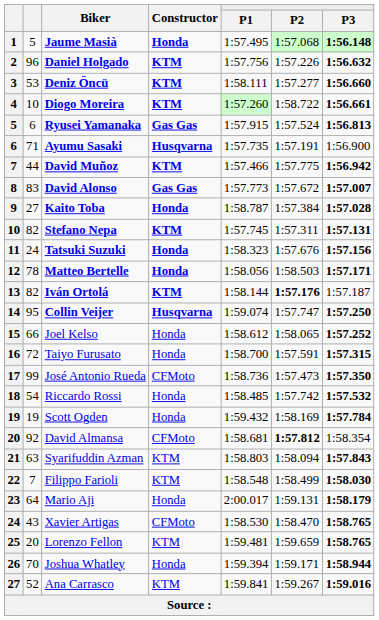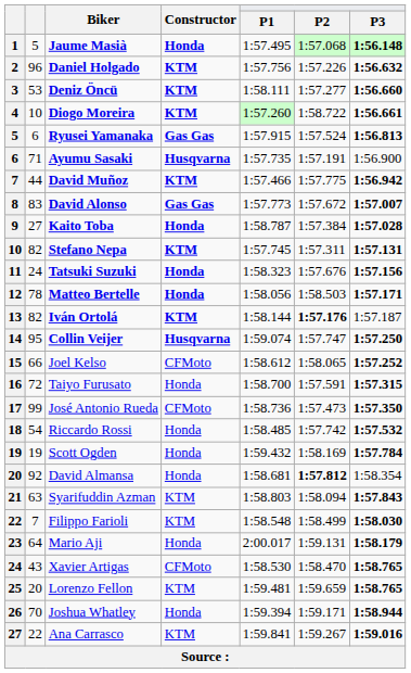 <table class="wikitable sortable" style="font-size: 85%;">
 <tr>
 <th rowspan="2"></th>
 <th rowspan="2"></th>
 <th rowspan="2">Biker</th>
 <th rowspan="2">Constructor</th>
 <th colspan="3" style="background:#eaecf0; text-align:center;"></th>
 </tr>
 <tr>
 <th scope="col">P1</th>
 <th scope="col">P2</th>
 <th scope="col">P3</th>
 </tr>
 <tr>
 <th scope="row">1</th>
 <td align="center">5</td>
 <td> <strong><a href='#'>Jaume Masià</a></strong></td>
 <td><strong><a href='#'>Honda</a></strong></td>
 <td>1:57.495</td>
 <td style="background:#ccffcc;">1:57.068</td>
 <td style="background:#ccffcc;"><strong>1:56.148</strong></td>
 </tr>
 <tr>
 <th scope="row">2</th>
 <td align="center">96</td>
 <td><strong> <a href='#'>Daniel Holgado</a></strong></td>
 <td><strong><a href='#'>KTM</a></strong></td>
 <td>1:57.756</td>
 <td>1:57.226</td>
 <td><strong>1:56.632</strong></td>
 </tr>
 <tr>
 <th scope="row">3</th>
 <td align="center">53</td>
 <td><strong> <a href='#'>Deniz Öncü</a></strong></td>
 <td><strong><a href='#'>KTM</a></strong></td>
 <td>1:58.111</td>
 <td>1:57.277</td>
 <td><strong>1:56.660</strong></td>
 </tr>
 <tr>
 <th scope="row">4</th>
 <td align="center">10</td>
 <td> <strong><a href='#'>Diogo Moreira</a></strong></td>
 <td><strong><a href='#'>KTM</a></strong></td>
 <td style="background:#ccffcc;">1:57.260</td>
 <td>1:58.722</td>
 <td><strong>1:56.661</strong></td>
 </tr>
 <tr>
 <th scope="row">5</th>
 <td align="center">6</td>
 <td><strong> <a href='#'>Ryusei Yamanaka</a></strong></td>
 <td><strong><a href='#'>Gas Gas</a></strong></td>
 <td>1:57.915</td>
 <td>1:57.524</td>
 <td><strong>1:56.813</strong></td>
 </tr>
 <tr>
 <th scope="row">6</th>
 <td align="center">71</td>
 <td> <strong><a href='#'>Ayumu Sasaki</a></strong></td>
 <td><strong><a href='#'>Husqvarna</a></strong></td>
 <td>1:57.735</td>
 <td>1:57.191</td>
 <td>1:56.900</td>
 </tr>
 <tr>
 <th scope="row">7</th>
 <td align="center">44</td>
 <td><strong></strong> <strong><a href='#'>David Muñoz</a></strong></td>
 <td><strong><a href='#'>KTM</a></strong></td>
 <td>1:57.466</td>
 <td>1:57.775</td>
 <td><strong>1:56.942</strong></td>
 </tr>
 <tr>
 <th scope="row">8</th>
 <td align="center">83</td>
 <td><strong> <a href='#'>David Alonso</a></strong></td>
 <td><strong><a href='#'>Gas Gas</a></strong></td>
 <td>1:57.773</td>
 <td>1:57.672</td>
 <td><strong>1:57.007</strong></td>
 </tr>
 <tr>
 <th scope="row">9</th>
 <td align="center">27</td>
 <td><strong> <a href='#'>Kaito Toba</a></strong></td>
 <td><strong><a href='#'>Honda</a></strong></td>
 <td>1:58.787</td>
 <td>1:57.384</td>
 <td><strong>1:57.028</strong></td>
 </tr>
 <tr>
 <th scope="row">10</th>
 <td align="center">82</td>
 <td><strong> <a href='#'>Stefano Nepa</a></strong></td>
 <td><strong><a href='#'>KTM</a></strong></td>
 <td>1:57.745</td>
 <td>1:57.311</td>
 <td><strong>1:57.131</strong></td>
 </tr>
 <tr>
 <th scope="row">11</th>
 <td align="center">24</td>
 <td> <strong><a href='#'>Tatsuki Suzuki</a></strong></td>
 <td><strong><a href='#'>Honda</a></strong></td>
 <td>1:58.323</td>
 <td>1:57.676</td>
 <td><strong>1:57.156</strong></td>
 </tr>
 <tr>
 <th scope="row">12</th>
 <td align="center">78</td>
 <td><strong> <a href='#'>Matteo Bertelle</a></strong></td>
 <td><strong><a href='#'>Honda</a></strong></td>
 <td>1:58.056</td>
 <td>1:58.503</td>
 <td><strong>1:57.171</strong></td>
 </tr>
 <tr>
 <th scope="row">13</th>
 <td align="center">82</td>
 <td><strong> <a href='#'>Iván Ortolá</a></strong></td>
 <td><strong><a href='#'>KTM</a></strong></td>
 <td>1:58.144</td>
 <td><strong>1:57.176</strong></td>
 <td>1:57.187</td>
 </tr>
 <tr>
 <th scope="row">14</th>
 <td align="center">95</td>
 <td><strong></strong> <strong><a href='#'>Collin Veijer</a></strong></td>
 <td><strong><a href='#'>Husqvarna</a></strong></td>
 <td>1:59.074</td>
 <td>1:57.747</td>
 <td><strong>1:57.250</strong></td>
 </tr>
 <tr>
 <th scope="row">15</th>
 <td align="center">66</td>
 <td> <a href='#'>Joel Kelso</a></td>
-<td><a href='#'>Honda</a></td>
+<td><a href='#'>CFMoto</a></td>
 <td>1:58.612</td>
 <td>1:58.065</td>
 <td><strong>1:57.252</strong></td>
 </tr>
 <tr>
 <th scope="row">16</th>
 <td align="center">72</td>
 <td> <a href='#'>Taiyo Furusato</a></td>
 <td><a href='#'>Honda</a></td>
 <td>1:58.700</td>
 <td>1:57.591</td>
 <td><strong>1:57.315</strong></td>
 </tr>
 <tr>
 <th scope="row">17</th>
 <td align="center">99</td>
 <td> <a href='#'>José Antonio Rueda</a></td>
 <td><a href='#'>CFMoto</a></td>
 <td>1:58.736</td>
 <td>1:57.473</td>
 <td><strong>1:57.350</strong></td>
 </tr>
 <tr>
 <th scope="row">18</th>
 <td align="center">54</td>
 <td> <a href='#'>Riccardo Rossi</a></td>
 <td><a href='#'>Honda</a></td>
 <td>1:58.485</td>
 <td>1:57.742</td>
 <td><strong>1:57.532</strong></td>
 </tr>
 <tr>
 <th scope="row">19</th>
 <td align="center">19</td>
 <td> <a href='#'>Scott Ogden</a></td>
 <td><a href='#'>Honda</a></td>
 <td>1:59.432</td>
 <td>1:58.169</td>
 <td><strong>1:57.784</strong></td>
 </tr>
 <tr>
 <th scope="row">20</th>
 <td align="center">92</td>
 <td> <a href='#'>David Almansa</a></td>
-<td><a href='#'>CFMoto</a></td>
+<td><a href='#'>Honda</a></td>
 <td>1:58.681</td>
 <td><strong>1:57.812</strong></td>
 <td>1:58.354</td>
 </tr>
 <tr>
 <th scope="row">21</th>
 <td align="center">63</td>
 <td> <a href='#'>Syarifuddin Azman</a></td>
 <td><a href='#'>KTM</a></td>
 <td>1:58.803</td>
 <td>1:58.094</td>
 <td><strong>1:57.843</strong></td>
 </tr>
 <tr>
 <th scope="row">22</th>
 <td align="center">7</td>
 <td> <a href='#'>Filippo Farioli</a></td>
 <td><a href='#'>KTM</a></td>
 <td>1:58.548</td>
 <td>1:58.499</td>
 <td><strong>1:58.030</strong></td>
 </tr>
 <tr>
 <th scope="row">23</th>
 <td align="center">64</td>
 <td> <a href='#'>Mario Aji</a></td>
 <td><a href='#'>Honda</a></td>
 <td>2:00.017</td>
 <td>1:59.131</td>
 <td><strong>1:58.179</strong></td>
 </tr>
 <tr>
 <th scope="row">24</th>
 <td align="center">43</td>
 <td> <a href='#'>Xavier Artigas</a></td>
 <td><a href='#'>CFMoto</a></td>
 <td>1:58.530</td>
 <td>1:58.470</td>
 <td><strong>1:58.765</strong></td>
 </tr>
 <tr>
 <th scope="row">25</th>
 <td align="center">20</td>
 <td> <a href='#'>Lorenzo Fellon</a></td>
 <td><a href='#'>KTM</a></td>
 <td>1:59.481</td>
 <td>1:59.659</td>
 <td><strong>1:58.765</strong></td>
 </tr>
 <tr>
 <th scope="row">26</th>
 <td align="center">70</td>
 <td> <a href='#'>Joshua Whatley</a></td>
 <td><a href='#'>Honda</a></td>
 <td>1:59.394</td>
 <td>1:59.171</td>
 <td><strong>1:58.944</strong></td>
 </tr>
 <tr>
 <th scope="row">27</th>
-<td align="center">52</td>
+<td align="center">22</td>
 <td> <a href='#'>Ana Carrasco</a></td>
 <td><a href='#'>KTM</a></td>
 <td>1:59.841</td>
 <td>1:59.267</td>
 <td><strong>1:59.016</strong></td>
 </tr>
 <tr>
 <th colspan="7">Source : </th>
 </tr>
 </table>
